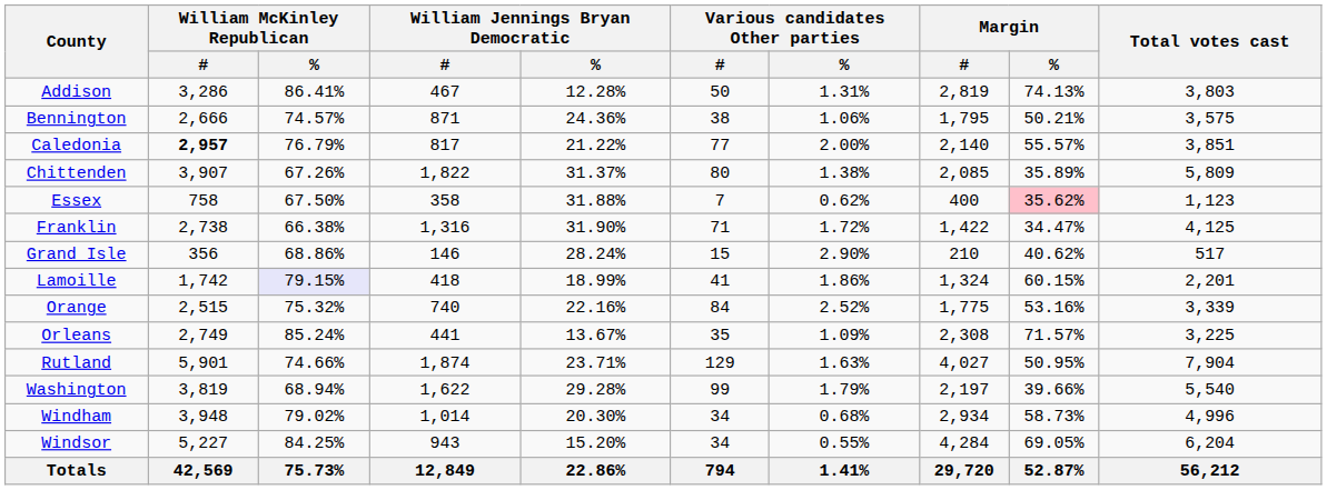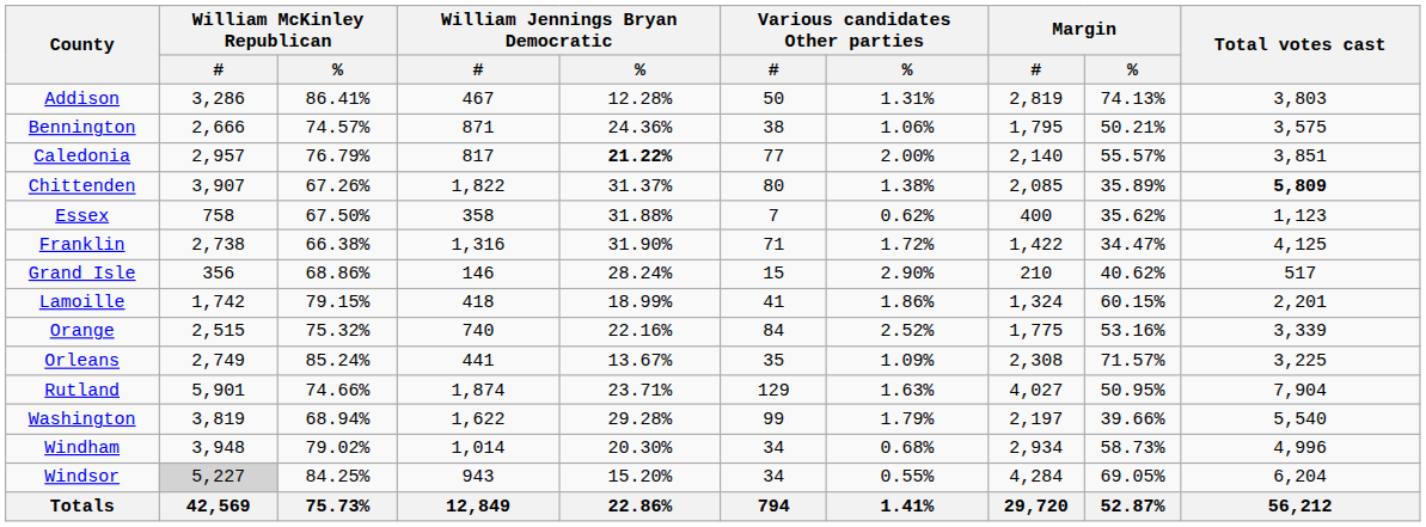 <table width="65%"  class="wikitable sortable" style="text-align:center">
 <tr>
 <th colspan="1" rowspan="2">County</th>
 <th style="text-align:center;" colspan="2">William McKinley<br>Republican</th>
 <th style="text-align:center;" colspan="2">William Jennings Bryan<br>Democratic</th>
 <th style="text-align:center;" colspan="2">Various candidates<br>Other parties</th>
 <th style="text-align:center;" colspan="2">Margin</th>
 <th colspan="1" rowspan="2" style="text-align:center;">Total votes cast</th>
 </tr>
 <tr>
 <th style="text-align:center;" data-sort-type="number">#</th>
 <th style="text-align:center;" data-sort-type="number">%</th>
 <th style="text-align:center;" data-sort-type="number">#</th>
 <th style="text-align:center;" data-sort-type="number">%</th>
 <th style="text-align:center;" data-sort-type="number">#</th>
 <th style="text-align:center;" data-sort-type="number">%</th>
 <th style="text-align:center;" data-sort-type="number">#</th>
 <th style="text-align:center;" data-sort-type="number">%</th>
 </tr>
 <tr style="text-align:center;">
 <td><a href='#'>Addison</a></td>
 <td>3,286</td>
 <td>86.41%</td>
 <td>467</td>
 <td>12.28%</td>
 <td>50</td>
 <td>1.31%</td>
 <td>2,819</td>
 <td>74.13%</td>
 <td>3,803</td>
 </tr>
 <tr style="text-align:center;">
 <td><a href='#'>Bennington</a></td>
 <td>2,666</td>
 <td>74.57%</td>
 <td>871</td>
 <td>24.36%</td>
 <td>38</td>
 <td>1.06%</td>
 <td>1,795</td>
 <td>50.21%</td>
 <td>3,575</td>
 </tr>
 <tr style="text-align:center;">
 <td><a href='#'>Caledonia</a></td>
-<td><strong>2,957</strong></td>
+<td>2,957</td>
 <td>76.79%</td>
 <td>817</td>
-<td>21.22%</td>
+<td><strong>21.22%</strong></td>
 <td>77</td>
 <td>2.00%</td>
 <td>2,140</td>
 <td>55.57%</td>
 <td>3,851</td>
 </tr>
 <tr style="text-align:center;">
 <td><a href='#'>Chittenden</a></td>
 <td>3,907</td>
 <td>67.26%</td>
 <td>1,822</td>
 <td>31.37%</td>
 <td>80</td>
 <td>1.38%</td>
 <td>2,085</td>
 <td>35.89%</td>
-<td>5,809</td>
+<td><strong>5,809</strong></td>
 </tr>
 <tr style="text-align:center;">
 <td><a href='#'>Essex</a></td>
 <td>758</td>
 <td>67.50%</td>
 <td>358</td>
 <td>31.88%</td>
 <td>7</td>
 <td>0.62%</td>
 <td>400</td>
-<td style="background: pink;">35.62%</td>
+<td>35.62%</td>
 <td>1,123</td>
 </tr>
 <tr style="text-align:center;">
 <td><a href='#'>Franklin</a></td>
 <td>2,738</td>
 <td>66.38%</td>
 <td>1,316</td>
 <td>31.90%</td>
 <td>71</td>
 <td>1.72%</td>
 <td>1,422</td>
 <td>34.47%</td>
 <td>4,125</td>
 </tr>
 <tr style="text-align:center;">
 <td><a href='#'>Grand Isle</a></td>
 <td>356</td>
 <td>68.86%</td>
 <td>146</td>
 <td>28.24%</td>
 <td>15</td>
 <td>2.90%</td>
 <td>210</td>
 <td>40.62%</td>
 <td>517</td>
 </tr>
 <tr style="text-align:center;">
 <td><a href='#'>Lamoille</a></td>
 <td>1,742</td>
-<td style="background: lavender;">79.15%</td>
+<td>79.15%</td>
 <td>418</td>
 <td>18.99%</td>
 <td>41</td>
 <td>1.86%</td>
 <td>1,324</td>
 <td>60.15%</td>
 <td>2,201</td>
 </tr>
 <tr style="text-align:center;">
 <td><a href='#'>Orange</a></td>
 <td>2,515</td>
 <td>75.32%</td>
 <td>740</td>
 <td>22.16%</td>
 <td>84</td>
 <td>2.52%</td>
 <td>1,775</td>
 <td>53.16%</td>
 <td>3,339</td>
 </tr>
 <tr style="text-align:center;">
 <td><a href='#'>Orleans</a></td>
 <td>2,749</td>
 <td>85.24%</td>
 <td>441</td>
 <td>13.67%</td>
 <td>35</td>
 <td>1.09%</td>
 <td>2,308</td>
 <td>71.57%</td>
 <td>3,225</td>
 </tr>
 <tr style="text-align:center;">
 <td><a href='#'>Rutland</a></td>
 <td>5,901</td>
 <td>74.66%</td>
 <td>1,874</td>
 <td>23.71%</td>
 <td>129</td>
 <td>1.63%</td>
 <td>4,027</td>
 <td>50.95%</td>
 <td>7,904</td>
 </tr>
 <tr style="text-align:center;">
 <td><a href='#'>Washington</a></td>
 <td>3,819</td>
 <td>68.94%</td>
 <td>1,622</td>
 <td>29.28%</td>
 <td>99</td>
 <td>1.79%</td>
 <td>2,197</td>
 <td>39.66%</td>
 <td>5,540</td>
 </tr>
 <tr style="text-align:center;">
 <td><a href='#'>Windham</a></td>
 <td>3,948</td>
 <td>79.02%</td>
 <td>1,014</td>
 <td>20.30%</td>
 <td>34</td>
 <td>0.68%</td>
 <td>2,934</td>
 <td>58.73%</td>
 <td>4,996</td>
 </tr>
 <tr style="text-align:center;">
 <td><a href='#'>Windsor</a></td>
-<td>5,227</td>
+<td style="background: lightgrey;">5,227</td>
 <td>84.25%</td>
 <td>943</td>
 <td>15.20%</td>
 <td>34</td>
 <td>0.55%</td>
 <td>4,284</td>
 <td>69.05%</td>
 <td>6,204</td>
 </tr>
 <tr style="text-align:center;">
 <th>Totals</th>
 <th>42,569</th>
 <th>75.73%</th>
 <th>12,849</th>
 <th>22.86%</th>
 <th>794</th>
 <th>1.41%</th>
 <th>29,720</th>
 <th>52.87%</th>
 <th>56,212</th>
 </tr>
 </table>
